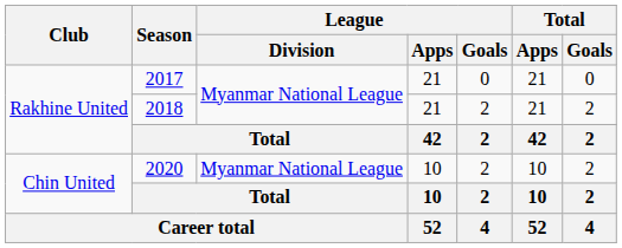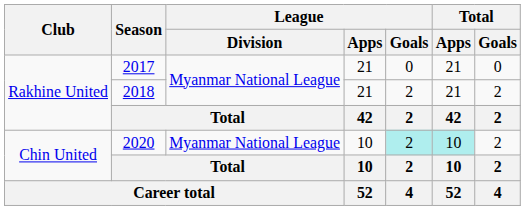 <table class="wikitable" style="text-align: center">
 <tr>
 <th rowspan="2">Club</th>
 <th rowspan="2">Season</th>
 <th colspan="3">League</th>
 <th colspan="2">Total</th>
 </tr>
 <tr>
 <th>Division</th>
 <th>Apps</th>
 <th>Goals</th>
 <th>Apps</th>
 <th>Goals</th>
 </tr>
 <tr>
 <td rowspan="3"><a href='#'>Rakhine United</a></td>
 <td><a href='#'>2017</a></td>
 <td rowspan="2"><a href='#'>Myanmar National League</a></td>
 <td>21</td>
 <td>0</td>
 <td>21</td>
 <td>0</td>
 </tr>
 <tr>
 <td><a href='#'>2018</a></td>
 <td>21</td>
 <td>2</td>
 <td>21</td>
 <td>2</td>
 </tr>
 <tr>
 <th colspan="2">Total</th>
 <th>42</th>
 <th>2</th>
 <th>42</th>
 <th>2</th>
 </tr>
 <tr>
 <td rowspan="2"><a href='#'>Chin United</a></td>
 <td><a href='#'>2020</a></td>
 <td><a href='#'>Myanmar National League</a></td>
 <td>10</td>
-<td>2</td>
-<td>10</td>
+<td style="background: paleturquoise;">2</td>
+<td style="background: paleturquoise;">10</td>
 <td>2</td>
 </tr>
 <tr>
 <th colspan="2">Total</th>
 <th>10</th>
 <th>2</th>
 <th>10</th>
 <th>2</th>
 </tr>
 <tr>
 <th colspan="3">Career total</th>
 <th>52</th>
 <th>4</th>
 <th>52</th>
 <th>4</th>
 </tr>
 </table>
